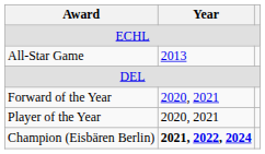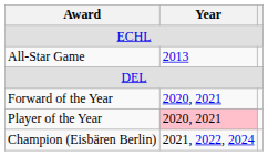 <table class="wikitable">
 <tr>
 <th>Award</th>
 <th>Year</th>
 <th></th>
 </tr>
 <tr ALIGN="center" bgcolor="#e0e0e0">
 <td colspan="3"><a href='#'>ECHL</a></td>
 </tr>
 <tr>
 <td>All-Star Game</td>
 <td><a href='#'>2013</a></td>
 <td></td>
 </tr>
 <tr ALIGN="center" bgcolor="#e0e0e0">
 <td colspan="3"><a href='#'>DEL</a></td>
 </tr>
 <tr>
 <td>Forward of the Year</td>
 <td><a href='#'>2020</a>, <a href='#'>2021</a></td>
 <td></td>
 </tr>
 <tr>
 <td>Player of the Year</td>
-<td>2020, 2021</td>
+<td style="background: pink;">2020, 2021</td>
 <td></td>
 </tr>
 <tr>
 <td>Champion (Eisbären Berlin)</td>
-<td><strong>2021, <a href='#'>2022</a>, <a href='#'>2024</a></strong></td>
+<td>2021, <a href='#'>2022</a>, <a href='#'>2024</a></td>
 <td></td>
 </tr>
 </table>
